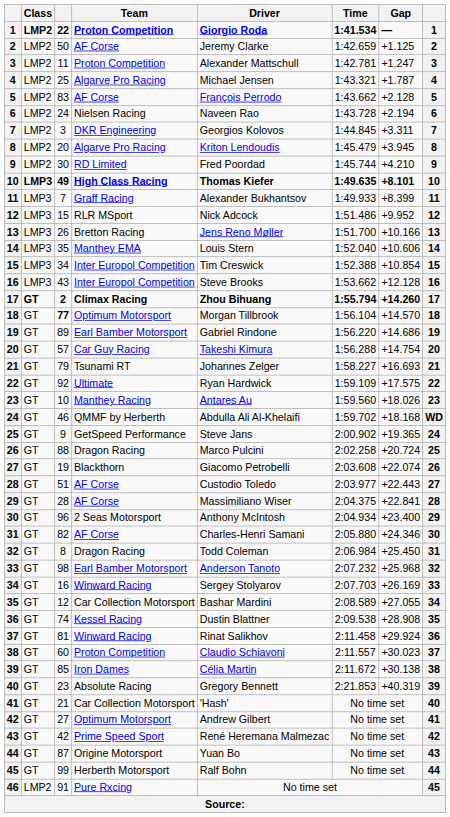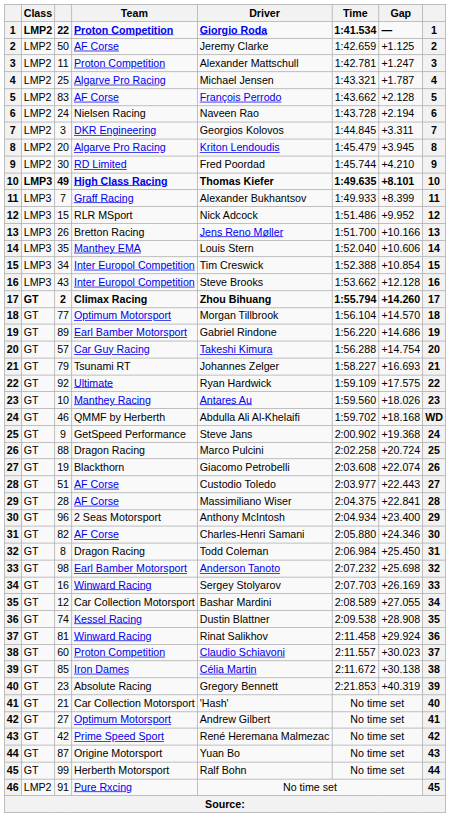 <table class="wikitable sortable" style="font-size:90%;">
 <tr>
 <th></th>
 <th class="unsortable">Class</th>
 <th class="unsortable"></th>
 <th class="unsortable">Team</th>
 <th class="unsortable">Driver</th>
 <th class="unsortable">Time</th>
 <th class="unsortable">Gap</th>
 <th></th>
 </tr>
 <tr style="font-weight:bold;">
 <th>1</th>
 <td>LMP2</td>
 <td align="center">22</td>
 <td> <a href='#'>Proton Competition</a></td>
 <td> <a href='#'>Giorgio Roda</a></td>
 <td align="center">1:41.534</td>
 <td>—</td>
 <th>1</th>
 </tr>
 <tr>
 <th>2</th>
 <td>LMP2</td>
 <td align="center">50</td>
 <td> <a href='#'>AF Corse</a></td>
 <td> Jeremy Clarke</td>
 <td align="center">1:42.659</td>
 <td>+1.125</td>
 <th>2</th>
 </tr>
 <tr>
 <th>3</th>
 <td>LMP2</td>
 <td align="center">11</td>
 <td> <a href='#'>Proton Competition</a></td>
 <td> Alexander Mattschull</td>
 <td align="center">1:42.781</td>
 <td>+1.247</td>
 <th>3</th>
 </tr>
 <tr>
 <th>4</th>
 <td>LMP2</td>
 <td align="center">25</td>
 <td> <a href='#'>Algarve Pro Racing</a></td>
 <td> Michael Jensen</td>
 <td align="center">1:43.321</td>
 <td>+1.787</td>
 <th>4</th>
 </tr>
 <tr>
 <th>5</th>
 <td>LMP2</td>
 <td align="center">83</td>
 <td> <a href='#'>AF Corse</a></td>
 <td> <a href='#'>François Perrodo</a></td>
 <td align="center">1:43.662</td>
 <td>+2.128</td>
 <th>5</th>
 </tr>
 <tr>
 <th>6</th>
 <td>LMP2</td>
 <td align="center">24</td>
 <td> Nielsen Racing</td>
 <td> Naveen Rao</td>
 <td align="center">1:43.728</td>
 <td>+2.194</td>
 <th>6</th>
 </tr>
 <tr>
 <th>7</th>
 <td>LMP2</td>
 <td align="center">3</td>
 <td> <a href='#'>DKR Engineering</a></td>
 <td> Georgios Kolovos</td>
 <td align="center">1:44.845</td>
 <td>+3.311</td>
 <th>7</th>
 </tr>
 <tr>
 <th>8</th>
 <td>LMP2</td>
 <td align="center">20</td>
 <td> <a href='#'>Algarve Pro Racing</a></td>
 <td> <a href='#'>Kriton Lendoudis</a></td>
 <td align="center">1:45.479</td>
 <td>+3.945</td>
 <th>8</th>
 </tr>
 <tr>
 <th>9</th>
 <td>LMP2</td>
 <td align="center">30</td>
 <td> <a href='#'>RD Limited</a></td>
 <td> Fred Poordad</td>
 <td align="center">1:45.744</td>
 <td>+4.210</td>
 <th>9</th>
 </tr>
 <tr style="font-weight:bold;">
 <th>10</th>
 <td>LMP3</td>
 <td align="center">49</td>
 <td> <a href='#'>High Class Racing</a></td>
 <td> Thomas Kiefer</td>
 <td align="center">1:49.635</td>
 <td>+8.101</td>
 <th>10</th>
 </tr>
 <tr>
 <th>11</th>
 <td>LMP3</td>
 <td align="center">7</td>
 <td> <a href='#'>Graff Racing</a></td>
 <td> Alexander Bukhantsov</td>
 <td align="center">1:49.933</td>
 <td>+8.399</td>
 <th>11</th>
 </tr>
 <tr>
 <th>12</th>
 <td>LMP3</td>
 <td align="center">15</td>
 <td> RLR MSport</td>
 <td> Nick Adcock</td>
 <td align="center">1:51.486</td>
 <td>+9.952</td>
 <th>12</th>
 </tr>
 <tr>
 <th>13</th>
 <td>LMP3</td>
 <td align="center">26</td>
 <td> Bretton Racing</td>
 <td> <a href='#'>Jens Reno Møller</a></td>
 <td align="center">1:51.700</td>
 <td>+10.166</td>
 <th>13</th>
 </tr>
 <tr>
 <th>14</th>
 <td>LMP3</td>
 <td align="center">35</td>
 <td> <a href='#'>Manthey EMA</a></td>
 <td> Louis Stern</td>
 <td align="center">1:52.040</td>
 <td>+10.606</td>
 <th>14</th>
 </tr>
 <tr>
 <th>15</th>
 <td>LMP3</td>
 <td align="center">34</td>
 <td> <a href='#'>Inter Europol Competition</a></td>
 <td> Tim Creswick</td>
 <td align="center">1:52.388</td>
 <td>+10.854</td>
 <th>15</th>
 </tr>
 <tr>
 <th>16</th>
 <td>LMP3</td>
 <td align="center">43</td>
 <td> <a href='#'>Inter Europol Competition</a></td>
 <td> Steve Brooks</td>
 <td align="center">1:53.662</td>
 <td>+12.128</td>
 <th>16</th>
 </tr>
 <tr style="font-weight:bold;">
 <th>17</th>
 <td>GT</td>
 <td align="center">2</td>
 <td> Climax Racing</td>
 <td> Zhou Bihuang</td>
 <td align="center">1:55.794</td>
 <td>+14.260</td>
 <th>17</th>
 </tr>
 <tr>
 <th>18</th>
 <td>GT</td>
-<td align="center"><strong>77</strong></td>
+<td align="center">77</td>
 <td> <a href='#'>Optimum Motorsport</a></td>
 <td> Morgan Tillbrook</td>
 <td align="center">1:56.104</td>
 <td>+14.570</td>
 <th>18</th>
 </tr>
 <tr>
 <th>19</th>
 <td>GT</td>
 <td align="center">89</td>
 <td> <a href='#'>Earl Bamber Motorsport</a></td>
 <td> Gabriel Rindone</td>
 <td align="center">1:56.220</td>
 <td>+14.686</td>
 <th>19</th>
 </tr>
 <tr>
 <th>20</th>
 <td>GT</td>
 <td align="center">57</td>
 <td> <a href='#'>Car Guy Racing</a></td>
 <td> <a href='#'>Takeshi Kimura</a></td>
 <td align="center">1:56.288</td>
 <td>+14.754</td>
 <th>20</th>
 </tr>
 <tr>
 <th>21</th>
 <td>GT</td>
 <td align="center">79</td>
 <td> Tsunami RT</td>
 <td> Johannes Zelger</td>
 <td align="center">1:58.227</td>
 <td>+16.693</td>
 <th>21</th>
 </tr>
 <tr>
 <th>22</th>
 <td>GT</td>
 <td align="center">92</td>
 <td> <a href='#'>Ultimate</a></td>
 <td> Ryan Hardwick</td>
 <td align="center">1:59.109</td>
 <td>+17.575</td>
 <th>22</th>
 </tr>
 <tr>
 <th>23</th>
 <td>GT</td>
 <td align="center">10</td>
 <td> <a href='#'>Manthey Racing</a></td>
 <td> <a href='#'>Antares Au</a></td>
 <td align="center">1:59.560</td>
 <td>+18.026</td>
 <th>23</th>
 </tr>
 <tr>
 <th>24</th>
 <td>GT</td>
 <td align="center">46</td>
 <td> QMMF by Herberth</td>
 <td> Abdulla Ali Al-Khelaifi</td>
 <td align="center">1:59.702</td>
 <td>+18.168</td>
 <th>WD</th>
 </tr>
 <tr>
 <th>25</th>
 <td>GT</td>
 <td align="center">9</td>
 <td> GetSpeed Performance</td>
 <td> Steve Jans</td>
 <td align="center">2:00.902</td>
-<td>+19.365</td>
+<td>+19.368</td>
 <th>24</th>
 </tr>
 <tr>
 <th>26</th>
 <td>GT</td>
 <td align="center">88</td>
 <td> Dragon Racing</td>
 <td> Marco Pulcini</td>
 <td align="center">2:02.258</td>
 <td>+20.724</td>
 <th>25</th>
 </tr>
 <tr>
 <th>27</th>
 <td>GT</td>
 <td align="center">19</td>
 <td> Blackthorn</td>
 <td> Giacomo Petrobelli</td>
 <td align="center">2:03.608</td>
 <td>+22.074</td>
 <th>26</th>
 </tr>
 <tr>
 <th>28</th>
 <td>GT</td>
 <td align="center">51</td>
 <td> <a href='#'>AF Corse</a></td>
 <td> Custodio Toledo</td>
 <td align="center">2:03.977</td>
 <td>+22.443</td>
 <th>27</th>
 </tr>
 <tr>
 <th>29</th>
 <td>GT</td>
 <td align="center">28</td>
 <td> <a href='#'>AF Corse</a></td>
 <td> Massimiliano Wiser</td>
 <td align="center">2:04.375</td>
 <td>+22.841</td>
 <th>28</th>
 </tr>
 <tr>
 <th>30</th>
 <td>GT</td>
 <td align="center">96</td>
 <td> 2 Seas Motorsport</td>
 <td> Anthony McIntosh</td>
 <td align="center">2:04.934</td>
 <td>+23.400</td>
 <th>29</th>
 </tr>
 <tr>
 <th>31</th>
 <td>GT</td>
 <td align="center">82</td>
 <td> <a href='#'>AF Corse</a></td>
 <td> Charles-Henri Samani</td>
 <td align="center">2:05.880</td>
 <td>+24.346</td>
 <th>30</th>
 </tr>
 <tr>
 <th>32</th>
 <td>GT</td>
 <td align="center">8</td>
 <td> Dragon Racing</td>
 <td> Todd Coleman</td>
 <td align="center">2:06.984</td>
 <td>+25.450</td>
 <th>31</th>
 </tr>
 <tr>
 <th>33</th>
 <td>GT</td>
 <td align="center">98</td>
 <td> <a href='#'>Earl Bamber Motorsport</a></td>
 <td> <a href='#'>Anderson Tanoto</a></td>
 <td align="center">2:07.232</td>
-<td>+25.968</td>
+<td>+25.698</td>
 <th>32</th>
 </tr>
 <tr>
 <th>34</th>
 <td>GT</td>
 <td align="center">16</td>
 <td> <a href='#'>Winward Racing</a></td>
 <td> Sergey Stolyarov</td>
 <td align="center">2:07.703</td>
 <td>+26.169</td>
 <th>33</th>
 </tr>
 <tr>
 <th>35</th>
 <td>GT</td>
 <td align="center">12</td>
 <td> Car Collection Motorsport</td>
 <td> Bashar Mardini</td>
 <td align="center">2:08.589</td>
 <td>+27.055</td>
 <th>34</th>
 </tr>
 <tr>
 <th>36</th>
 <td>GT</td>
 <td align="center">74</td>
 <td> <a href='#'>Kessel Racing</a></td>
 <td> Dustin Blattner</td>
 <td align="center">2:09.538</td>
 <td>+28.908</td>
 <th>35</th>
 </tr>
 <tr>
 <th>37</th>
 <td>GT</td>
 <td align="center">81</td>
 <td> <a href='#'>Winward Racing</a></td>
 <td> Rinat Salikhov</td>
 <td align="center">2:11.458</td>
 <td>+29.924</td>
 <th>36</th>
 </tr>
 <tr>
 <th>38</th>
 <td>GT</td>
 <td align="center">60</td>
 <td> <a href='#'>Proton Competition</a></td>
 <td> <a href='#'>Claudio Schiavoni</a></td>
 <td align="center">2:11.557</td>
 <td>+30.023</td>
 <th>37</th>
 </tr>
 <tr>
 <th>39</th>
 <td>GT</td>
 <td align="center">85</td>
 <td> <a href='#'>Iron Dames</a></td>
 <td> <a href='#'>Célia Martin</a></td>
 <td align="center">2:11.672</td>
 <td>+30.138</td>
 <th>38</th>
 </tr>
 <tr>
 <th>40</th>
 <td>GT</td>
 <td align="center">23</td>
 <td> Absolute Racing</td>
 <td> Gregory Bennett</td>
 <td align="center">2:21.853</td>
 <td>+40.319</td>
 <th>39</th>
 </tr>
 <tr>
 <th>41</th>
 <td>GT</td>
 <td align="center">21</td>
 <td> Car Collection Motorsport</td>
 <td> 'Hash'</td>
 <td colspan="2" align="center">No time set</td>
 <th>40</th>
 </tr>
 <tr>
 <th>42</th>
 <td>GT</td>
 <td align="center">27</td>
 <td> <a href='#'>Optimum Motorsport</a></td>
 <td> Andrew Gilbert</td>
 <td colspan="2" align="center">No time set</td>
 <th>41</th>
 </tr>
 <tr>
 <th>43</th>
 <td>GT</td>
 <td align="center">42</td>
 <td> <a href='#'>Prime Speed Sport</a></td>
 <td> René Heremana Malmezac</td>
 <td colspan="2" align="center">No time set</td>
 <th>42</th>
 </tr>
 <tr>
 <th>44</th>
 <td>GT</td>
 <td align="center">87</td>
 <td> Origine Motorsport</td>
 <td> Yuan Bo</td>
 <td colspan="2" align="center">No time set</td>
 <th>43</th>
 </tr>
 <tr>
 <th>45</th>
 <td>GT</td>
 <td align="center">99</td>
 <td> Herberth Motorsport</td>
 <td> Ralf Bohn</td>
 <td colspan="2" align="center">No time set</td>
 <th>44</th>
 </tr>
 <tr>
 <th>46</th>
 <td>LMP2</td>
 <td align="center">91</td>
 <td> <a href='#'>Pure Rxcing</a></td>
 <td colspan="3" align="center">No time set</td>
 <th>45</th>
 </tr>
 <tr>
 <th colspan="8">Source:</th>
 </tr>
 </table>
